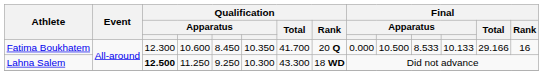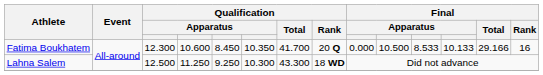 <table class=wikitable style=font-size:90%;text-align:center>
 <tr>
 <th rowspan=3>Athlete</th>
 <th rowspan=3>Event</th>
 <th colspan=6>Qualification</th>
 <th colspan=6>Final</th>
 </tr>
 <tr style=font-size:95%>
 <th colspan=4>Apparatus</th>
 <th rowspan=2>Total</th>
 <th rowspan=2>Rank</th>
 <th colspan=4>Apparatus</th>
 <th rowspan=2>Total</th>
 <th rowspan=2>Rank</th>
 </tr>
 <tr style=font-size:95%>
 <th></th>
 <th></th>
 <th></th>
 <th></th>
 <th></th>
 <th></th>
 <th></th>
 <th></th>
 </tr>
 <tr>
 <td align=left><a href='#'>Fatima Boukhatem</a></td>
 <td align=left rowspan=2><a href='#'>All-around</a></td>
 <td>12.300</td>
 <td>10.600</td>
 <td>8.450</td>
 <td>10.350</td>
 <td>41.700</td>
 <td>20 <strong>Q</strong></td>
 <td>0.000</td>
 <td>10.500</td>
 <td>8.533</td>
 <td>10.133</td>
 <td>29.166</td>
 <td>16</td>
 </tr>
 <tr>
 <td align=left><a href='#'>Lahna Salem</a></td>
-<td><strong>12.500</strong></td>
+<td>12.500</td>
 <td>11.250</td>
 <td>9.250</td>
 <td>10.300</td>
 <td>43.300</td>
 <td>18  <strong>WD</strong></td>
 <td colspan=6>Did not advance</td>
 </tr>
 <tr>
 </tr>
 </table>
